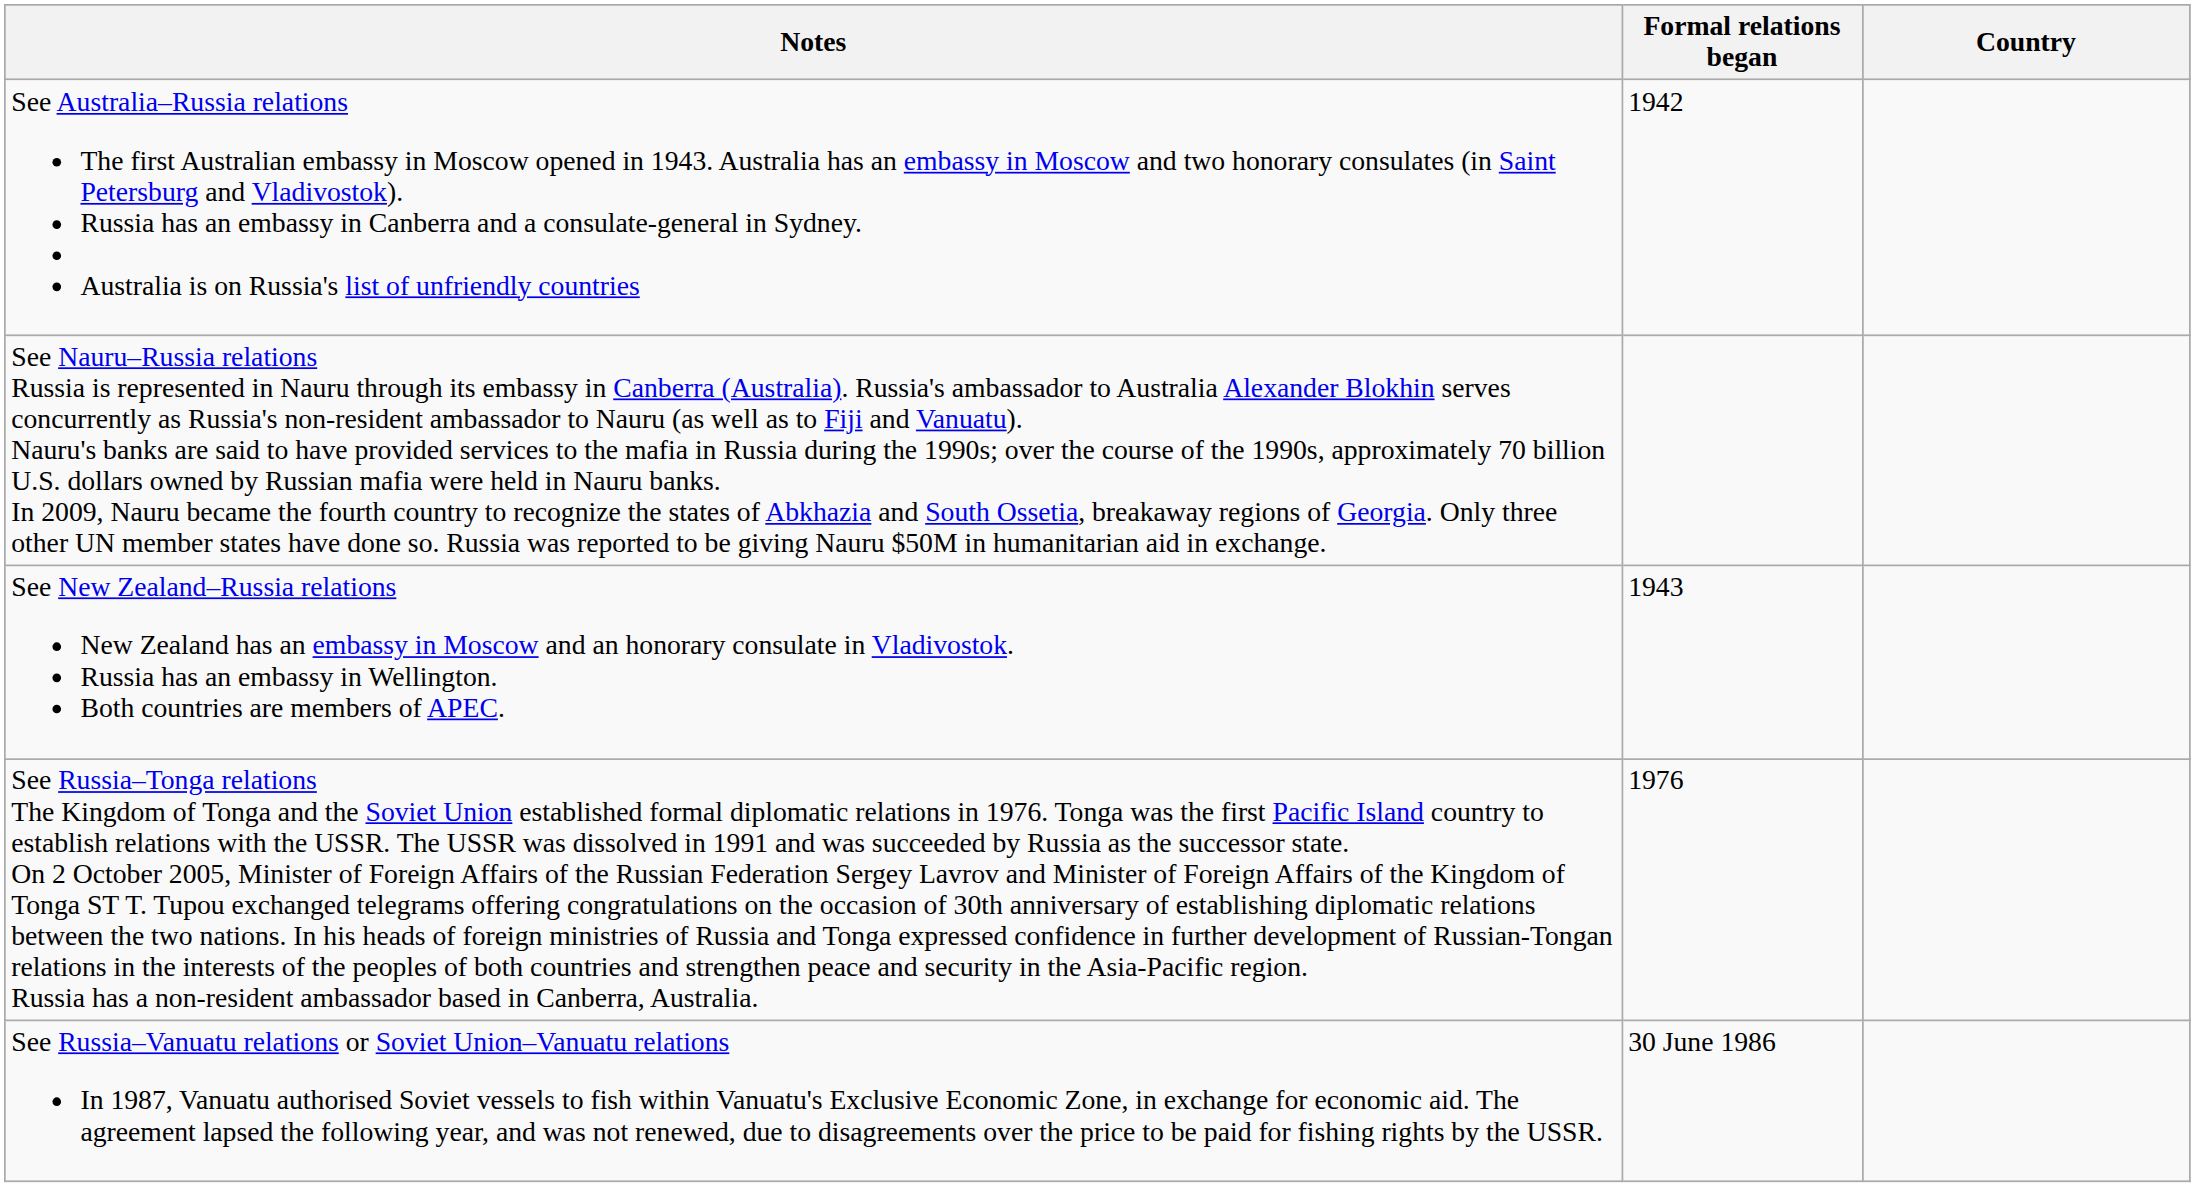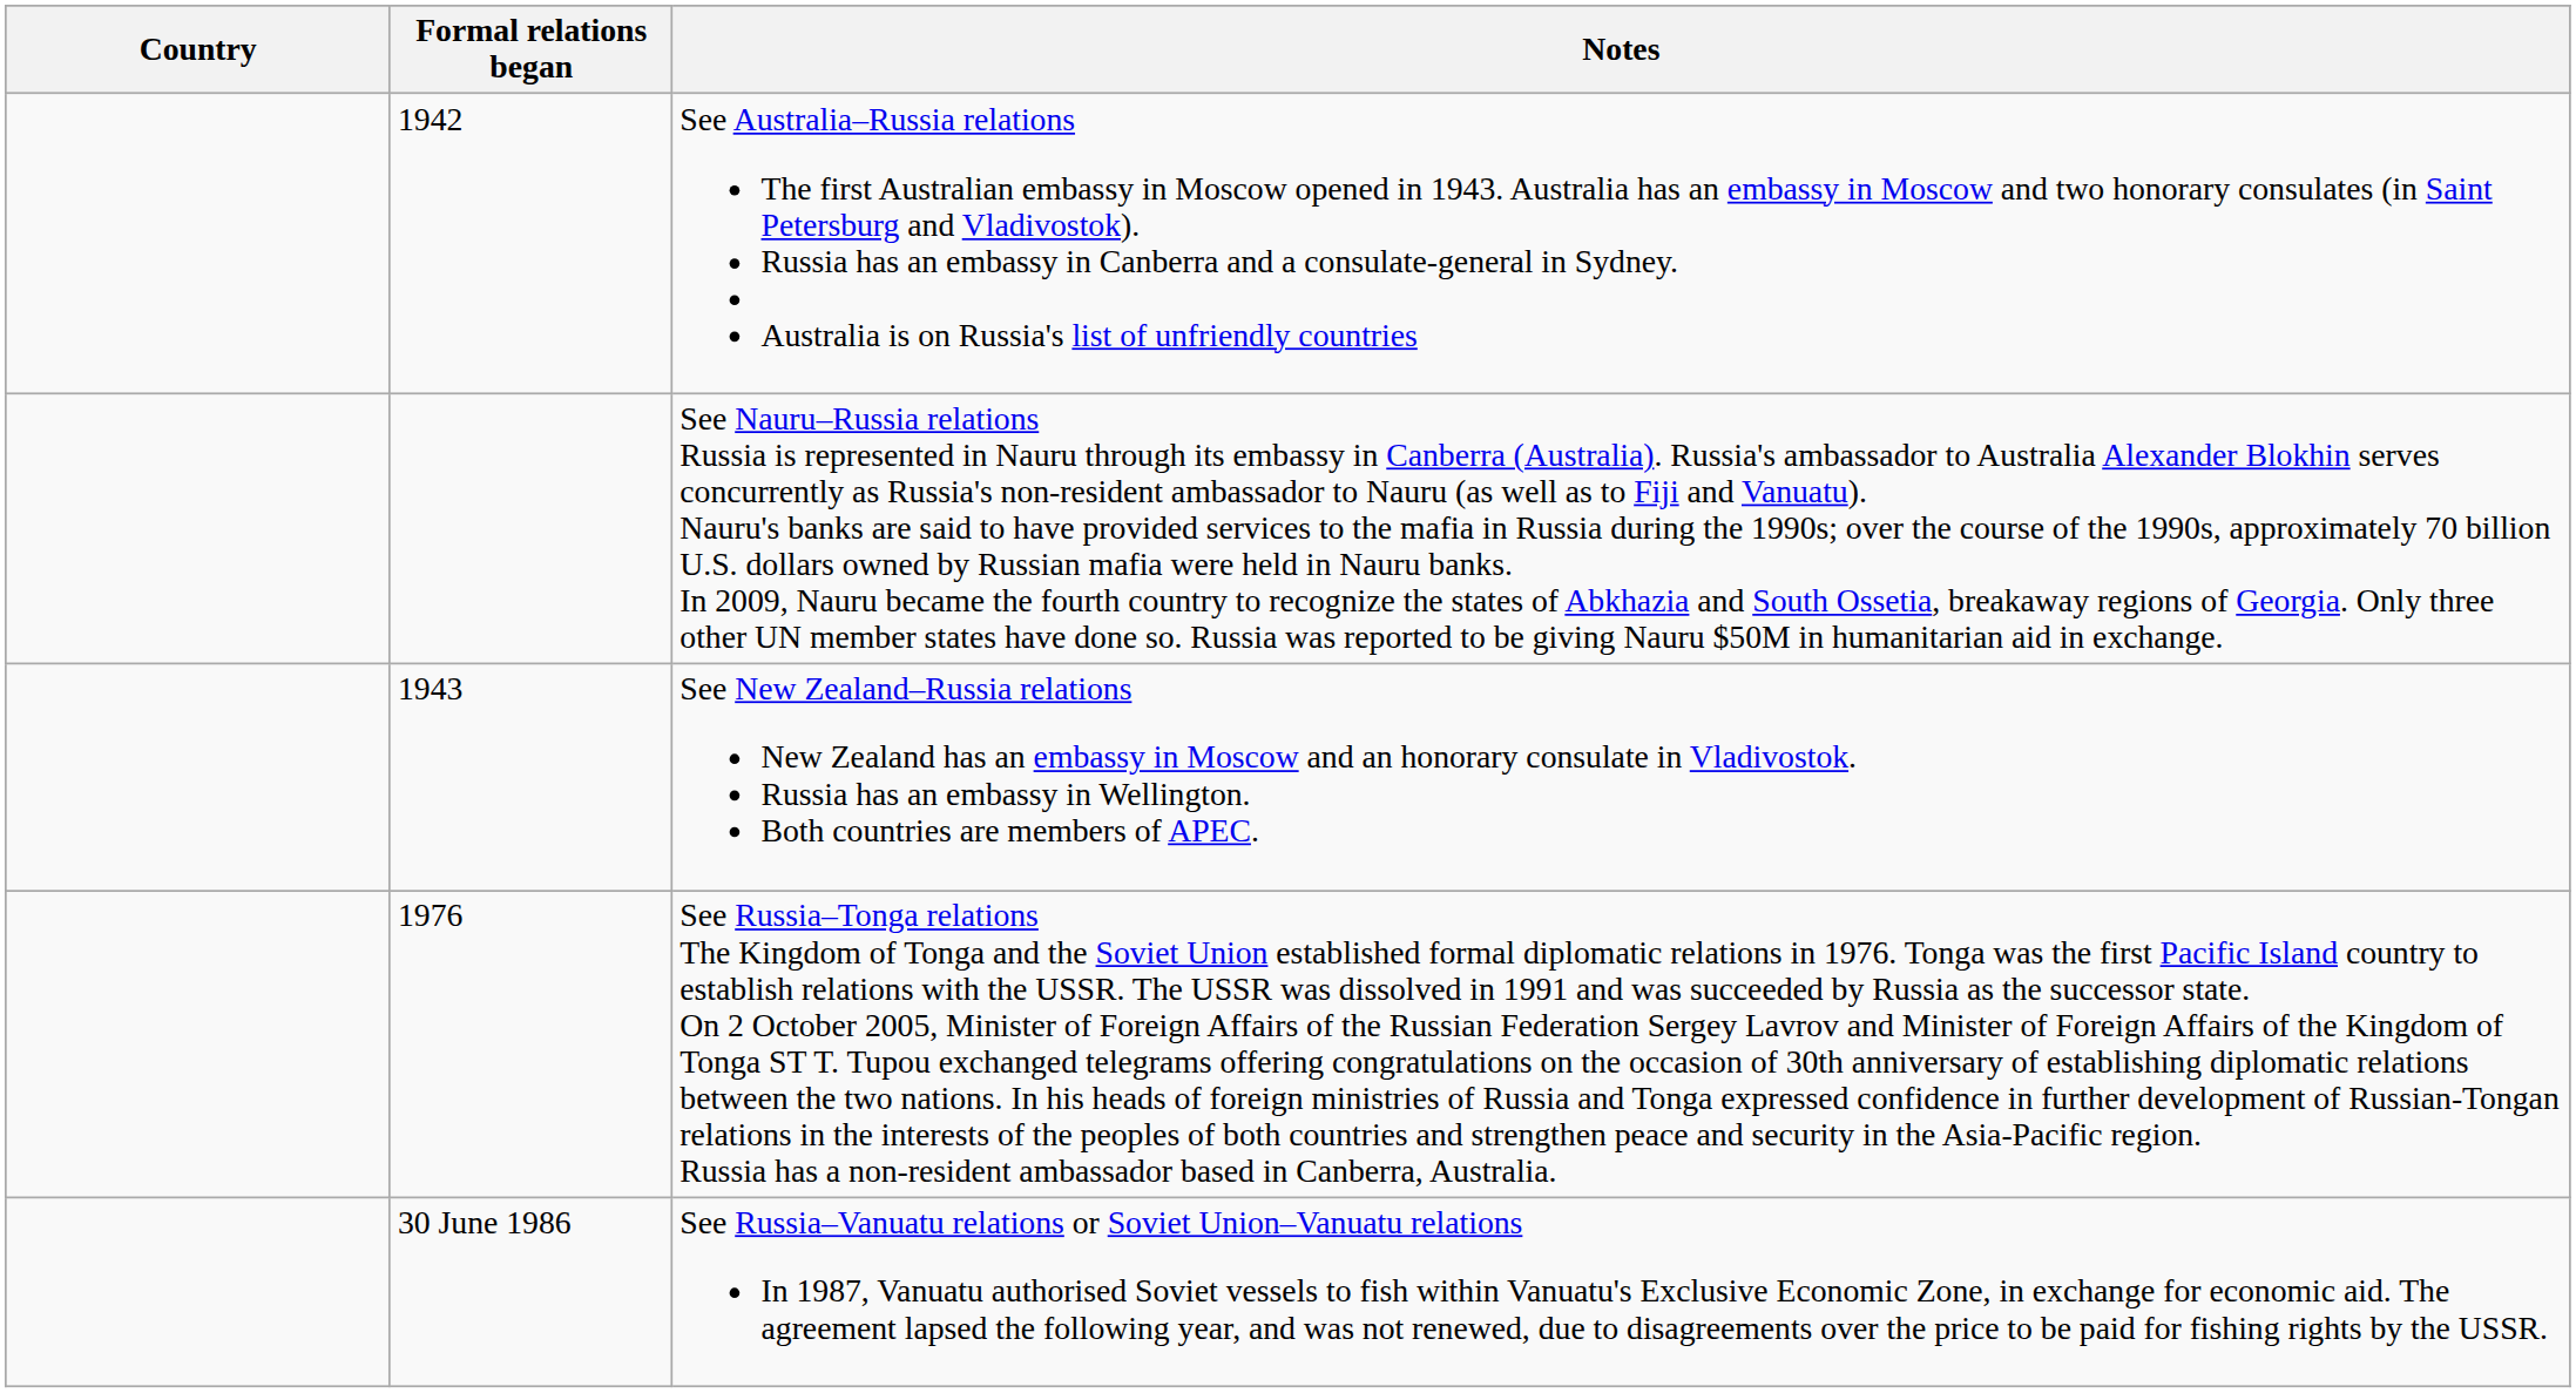 <table class="wikitable sortable" style="width:100%; margin:auto;">
 <tr>
+<th style="width:15%;">Country</th>
+<th style="width:11%;">Formal relations began</th>
 <th style="width:74%;">Notes</th>
-<th style="width:11%;">Formal relations began</th>
-<th style="width:15%;">Country</th>
 </tr>
 <tr valign="top">
+<td></td>
+<td>1942</td>
 <td>See <a href='#'>Australia–Russia relations</a><br><ul><li>The first Australian embassy in Moscow opened in 1943. Australia has an <a href='#'>embassy in Moscow</a> and two honorary consulates (in <a href='#'>Saint Petersburg</a> and <a href='#'>Vladivostok</a>).</li><li>Russia has an embassy in Canberra and a consulate-general in Sydney.</li><li></li><li>Australia is on Russia's <a href='#'>list of unfriendly countries</a></li></ul></td>
-<td>1942</td>
-<td></td>
 </tr>
 <tr valign="top">
-<td>See <a href='#'>Nauru–Russia relations</a><br>Russia is represented in Nauru through its embassy in <a href='#'>Canberra (Australia)</a>. Russia's ambassador to Australia <a href='#'>Alexander Blokhin</a> serves concurrently as Russia's non-resident ambassador to Nauru (as well as to <a href='#'>Fiji</a> and <a href='#'>Vanuatu</a>).<br>Nauru's banks are said to have provided services to the mafia in Russia during the 1990s; over the course of the 1990s, approximately 70 billion U.S. dollars owned by Russian mafia were held in Nauru banks.<br>In 2009, Nauru became the fourth country to recognize the states of <a href='#'>Abkhazia</a> and <a href='#'>South Ossetia</a>, breakaway regions of <a href='#'>Georgia</a>. Only three other UN member states have done so. Russia was reported to be giving Nauru $50M in humanitarian aid in exchange.</td>
 <td></td>
 <td></td>
+<td>See <a href='#'>Nauru–Russia relations</a><br>Russia is represented in Nauru through its embassy in <a href='#'>Canberra (Australia)</a>. Russia's ambassador to Australia <a href='#'>Alexander Blokhin</a> serves concurrently as Russia's non-resident ambassador to Nauru (as well as to <a href='#'>Fiji</a> and <a href='#'>Vanuatu</a>).<br>Nauru's banks are said to have provided services to the mafia in Russia during the 1990s; over the course of the 1990s, approximately 70 billion U.S. dollars owned by Russian mafia were held in Nauru banks.<br>In 2009, Nauru became the fourth country to recognize the states of <a href='#'>Abkhazia</a> and <a href='#'>South Ossetia</a>, breakaway regions of <a href='#'>Georgia</a>. Only three other UN member states have done so. Russia was reported to be giving Nauru $50M in humanitarian aid in exchange.</td>
 </tr>
 <tr valign="top">
+<td></td>
+<td> 1943</td>
 <td>See <a href='#'>New Zealand–Russia relations</a><br><ul><li>New Zealand has an <a href='#'>embassy in Moscow</a> and an honorary consulate in <a href='#'>Vladivostok</a>.</li><li>Russia has an embassy in Wellington.</li><li>Both countries are members of <a href='#'>APEC</a>.</li></ul></td>
-<td> 1943</td>
-<td></td>
 </tr>
 <tr valign="top">
+<td></td>
+<td>1976</td>
 <td>See <a href='#'>Russia–Tonga relations</a><br>The Kingdom of Tonga and the <a href='#'>Soviet Union</a> established formal diplomatic relations in 1976.  Tonga was the first <a href='#'>Pacific Island</a> country to establish relations with the USSR.  The USSR was dissolved in 1991 and was succeeded by Russia as the successor state.<br>On 2 October 2005, Minister of Foreign Affairs of the Russian Federation Sergey Lavrov and Minister of Foreign Affairs of the Kingdom of Tonga ST T. Tupou exchanged telegrams offering congratulations on the occasion of 30th anniversary of establishing diplomatic relations between the two nations. In his heads of foreign ministries of Russia and Tonga expressed confidence in further development of Russian-Tongan relations in the interests of the peoples of both countries and strengthen peace and security in the Asia-Pacific region.<br>Russia has a non-resident ambassador based in Canberra, Australia.</td>
-<td>1976</td>
-<td></td>
 </tr>
 <tr valign="top">
+<td></td>
+<td>30 June 1986</td>
 <td>See <a href='#'>Russia–Vanuatu relations</a> or <a href='#'>Soviet Union–Vanuatu relations</a><br><ul><li>In 1987, Vanuatu authorised Soviet vessels to fish within Vanuatu's Exclusive Economic Zone, in exchange for economic aid. The agreement lapsed the following year, and was not renewed, due to disagreements over the price to be paid for fishing rights by the USSR.</li></ul></td>
-<td>30 June 1986</td>
-<td></td>
 </tr>
 </table>
